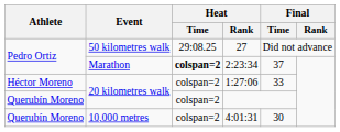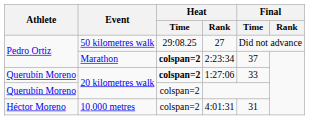 <table class=wikitable style="font-size:90%; text-align:center">
 <tr>
 <th rowspan=2>Athlete</th>
 <th rowspan=2>Event</th>
 <th colspan=2>Heat</th>
 <th colspan=2>Final</th>
 </tr>
 <tr style=font-size:95%>
 <th>Time</th>
 <th>Rank</th>
 <th>Time</th>
 <th>Rank</th>
 </tr>
 <tr align=center>
 <td align=left rowspan=2><a href='#'>Pedro Ortiz</a></td>
 <td align=left><a href='#'>50 kilometres walk</a></td>
 <td>29:08.25</td>
 <td>27</td>
 <td colspan=2>Did not advance</td>
 </tr>
 <tr align=center>
 <td align=left><a href='#'>Marathon</a></td>
 <td><strong>colspan=2</strong></td>
 <td>2:23:34</td>
 <td>37</td>
 </tr>
 <tr align=center>
-<td align=left><a href='#'>Héctor Moreno</a></td>
+<td align=left><a href='#'>Querubín Moreno</a></td>
 <td align=left rowspan=2><a href='#'>20 kilometres walk</a></td>
-<td>colspan=2</td>
+<td><strong>colspan=2</strong></td>
 <td>1:27:06</td>
 <td>33</td>
 </tr>
 <tr align=center>
 <td align=left><a href='#'>Querubín Moreno</a></td>
 <td>colspan=2</td>
 <td colspan=2></td>
 </tr>
 <tr align=center>
-<td align=left><a href='#'>Querubín Moreno</a></td>
+<td align=left><a href='#'>Héctor Moreno</a></td>
 <td align=left><a href='#'>10,000 metres</a></td>
 <td>colspan=2</td>
 <td>4:01:31</td>
-<td>30</td>
+<td>31</td>
 </tr>
 </table>
